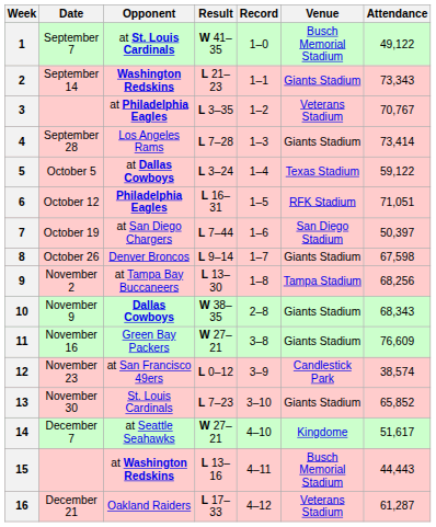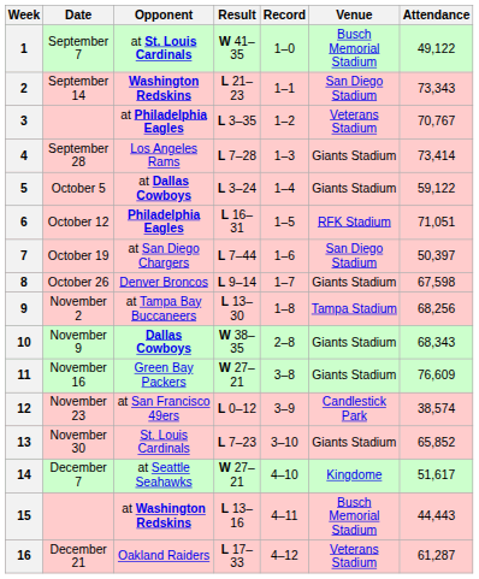 <table class="wikitable" style="text-align:center">
 <tr>
 <th>Week</th>
 <th>Date</th>
 <th>Opponent</th>
 <th>Result</th>
 <th>Record</th>
 <th>Venue</th>
 <th>Attendance</th>
 </tr>
 <tr style="background:#cfc">
 <th>1</th>
 <td>September 7</td>
 <td>at <strong><a href='#'>St. Louis Cardinals</a></strong></td>
 <td><strong>W</strong> 41–35</td>
 <td>1–0</td>
 <td><a href='#'>Busch Memorial Stadium</a></td>
 <td>49,122</td>
 </tr>
 <tr style="background:#fcc">
 <th>2</th>
 <td>September 14</td>
 <td><strong><a href='#'>Washington Redskins</a></strong></td>
 <td><strong>L</strong> 21–23</td>
 <td>1–1</td>
-<td><a href='#'>Giants Stadium</a></td>
+<td><a href='#'>San Diego Stadium</a></td>
 <td>73,343</td>
 </tr>
 <tr style="background:#fcc">
 <th>3</th>
 <td></td>
 <td>at <strong><a href='#'>Philadelphia Eagles</a></strong></td>
 <td><strong>L</strong> 3–35</td>
 <td>1–2</td>
 <td><a href='#'>Veterans Stadium</a></td>
 <td>70,767</td>
 </tr>
 <tr style="background:#fcc">
 <th>4</th>
 <td>September 28</td>
 <td><a href='#'>Los Angeles Rams</a></td>
 <td><strong>L</strong> 7–28</td>
 <td>1–3</td>
 <td>Giants Stadium</td>
 <td>73,414</td>
 </tr>
 <tr style="background:#fcc">
 <th>5</th>
 <td>October 5</td>
 <td>at <strong><a href='#'>Dallas Cowboys</a></strong></td>
 <td><strong>L</strong> 3–24</td>
 <td>1–4</td>
-<td><a href='#'>Texas Stadium</a></td>
+<td>Giants Stadium</td>
 <td>59,122</td>
 </tr>
 <tr style="background:#fcc">
 <th>6</th>
 <td>October 12</td>
 <td><strong><a href='#'>Philadelphia Eagles</a></strong></td>
 <td><strong>L</strong> 16–31</td>
 <td>1–5</td>
 <td><a href='#'>RFK Stadium</a></td>
 <td>71,051</td>
 </tr>
 <tr style="background:#fcc">
 <th>7</th>
 <td>October 19</td>
 <td>at <a href='#'>San Diego Chargers</a></td>
 <td><strong>L</strong> 7–44</td>
 <td>1–6</td>
 <td><a href='#'>San Diego Stadium</a></td>
 <td>50,397</td>
 </tr>
 <tr style="background:#fcc">
 <th>8</th>
 <td>October 26</td>
 <td><a href='#'>Denver Broncos</a></td>
 <td><strong>L</strong> 9–14</td>
 <td>1–7</td>
 <td>Giants Stadium</td>
 <td>67,598</td>
 </tr>
 <tr style="background:#fcc">
 <th>9</th>
 <td>November 2</td>
 <td>at <a href='#'>Tampa Bay Buccaneers</a></td>
 <td><strong>L</strong> 13–30</td>
 <td>1–8</td>
 <td><a href='#'>Tampa Stadium</a></td>
 <td>68,256</td>
 </tr>
 <tr style="background:#cfc">
 <th>10</th>
 <td>November 9</td>
 <td><strong><a href='#'>Dallas Cowboys</a></strong></td>
 <td><strong>W</strong> 38–35</td>
 <td>2–8</td>
 <td>Giants Stadium</td>
 <td>68,343</td>
 </tr>
 <tr style="background:#cfc">
 <th>11</th>
 <td>November 16</td>
 <td><a href='#'>Green Bay Packers</a></td>
 <td><strong>W</strong> 27–21</td>
 <td>3–8</td>
 <td>Giants Stadium</td>
 <td>76,609</td>
 </tr>
 <tr style="background:#fcc">
 <th>12</th>
 <td>November 23</td>
 <td>at <a href='#'>San Francisco 49ers</a></td>
 <td><strong>L</strong> 0–12</td>
 <td>3–9</td>
 <td><a href='#'>Candlestick Park</a></td>
 <td>38,574</td>
 </tr>
 <tr style="background:#fcc">
 <th>13</th>
 <td>November 30</td>
 <td><a href='#'>St. Louis Cardinals</a></td>
 <td><strong>L</strong> 7–23</td>
 <td>3–10</td>
 <td>Giants Stadium</td>
 <td>65,852</td>
 </tr>
 <tr style="background:#cfc">
 <th>14</th>
 <td>December 7</td>
 <td>at <a href='#'>Seattle Seahawks</a></td>
 <td><strong>W</strong> 27–21</td>
 <td>4–10</td>
 <td><a href='#'>Kingdome</a></td>
 <td>51,617</td>
 </tr>
 <tr style="background:#fcc">
 <th>15</th>
 <td></td>
 <td>at <strong><a href='#'>Washington Redskins</a></strong></td>
 <td><strong>L</strong> 13–16</td>
 <td>4–11</td>
 <td><a href='#'>Busch Memorial Stadium</a></td>
 <td>44,443</td>
 </tr>
 <tr style="background:#fcc">
 <th>16</th>
 <td>December 21</td>
 <td><a href='#'>Oakland Raiders</a></td>
 <td><strong>L</strong> 17–33</td>
 <td>4–12</td>
 <td><a href='#'>Veterans Stadium</a></td>
 <td>61,287</td>
 </tr>
 </table>
